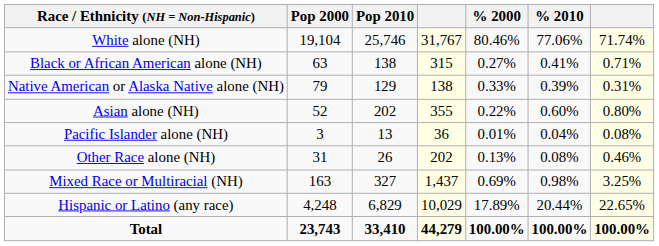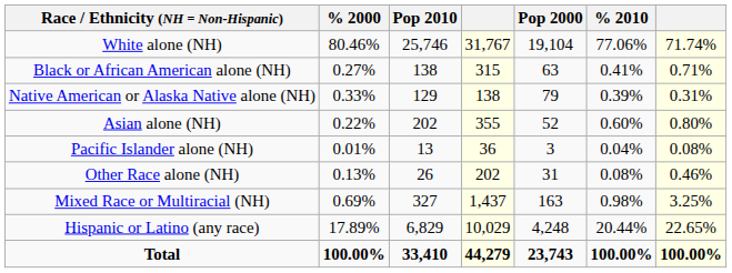 <table class="wikitable" style="text-align:center;">
 <tr>
 <th>Race / Ethnicity <small>(<em>NH = Non-Hispanic</em>)</small></th>
-<th>Pop 2000</th>
+<th>% 2000</th>
 <th>Pop 2010</th>
 <th></th>
-<th>% 2000</th>
+<th>Pop 2000</th>
 <th>% 2010</th>
 <th></th>
 </tr>
 <tr>
 <td><a href='#'>White</a> alone (NH)</td>
-<td>19,104</td>
+<td>80.46%</td>
 <td>25,746</td>
 <td style='background: #ffffe6;'>31,767</td>
-<td>80.46%</td>
+<td>19,104</td>
 <td>77.06%</td>
 <td style='background: #ffffe6;'>71.74%</td>
 </tr>
 <tr>
 <td><a href='#'>Black or African American</a> alone (NH)</td>
-<td>63</td>
+<td>0.27%</td>
 <td>138</td>
 <td style='background: #ffffe6;'>315</td>
-<td>0.27%</td>
+<td>63</td>
 <td>0.41%</td>
 <td style='background: #ffffe6;'>0.71%</td>
 </tr>
 <tr>
 <td><a href='#'>Native American</a> or <a href='#'>Alaska Native</a> alone (NH)</td>
-<td>79</td>
+<td>0.33%</td>
 <td>129</td>
 <td style='background: #ffffe6;'>138</td>
-<td>0.33%</td>
+<td>79</td>
 <td>0.39%</td>
 <td style='background: #ffffe6;'>0.31%</td>
 </tr>
 <tr>
 <td><a href='#'>Asian</a> alone (NH)</td>
-<td>52</td>
+<td>0.22%</td>
 <td>202</td>
 <td style='background: #ffffe6;'>355</td>
-<td>0.22%</td>
+<td>52</td>
 <td>0.60%</td>
 <td style='background: #ffffe6;'>0.80%</td>
 </tr>
 <tr>
 <td><a href='#'>Pacific Islander</a> alone (NH)</td>
-<td>3</td>
+<td>0.01%</td>
 <td>13</td>
 <td style='background: #ffffe6;'>36</td>
-<td>0.01%</td>
+<td>3</td>
 <td>0.04%</td>
 <td style='background: #ffffe6;'>0.08%</td>
 </tr>
 <tr>
 <td><a href='#'>Other Race</a> alone (NH)</td>
-<td>31</td>
+<td>0.13%</td>
 <td>26</td>
 <td style='background: #ffffe6;'>202</td>
-<td>0.13%</td>
+<td>31</td>
 <td>0.08%</td>
 <td style='background: #ffffe6;'>0.46%</td>
 </tr>
 <tr>
 <td><a href='#'>Mixed Race or Multiracial</a> (NH)</td>
-<td>163</td>
+<td>0.69%</td>
 <td>327</td>
 <td style='background: #ffffe6;'>1,437</td>
-<td>0.69%</td>
+<td>163</td>
 <td>0.98%</td>
 <td style='background: #ffffe6;'>3.25%</td>
 </tr>
 <tr>
 <td><a href='#'>Hispanic or Latino</a> (any race)</td>
-<td>4,248</td>
+<td>17.89%</td>
 <td>6,829</td>
 <td style='background: #ffffe6;'>10,029</td>
-<td>17.89%</td>
+<td>4,248</td>
 <td>20.44%</td>
 <td style='background: #ffffe6;'>22.65%</td>
 </tr>
 <tr>
 <td><strong>Total</strong></td>
-<td><strong>23,743</strong></td>
+<td><strong>100.00%</strong></td>
 <td><strong>33,410</strong></td>
 <td style='background: #ffffe6;'><strong>44,279</strong></td>
-<td><strong>100.00%</strong></td>
+<td><strong>23,743</strong></td>
 <td><strong>100.00%</strong></td>
 <td style='background: #ffffe6;'><strong>100.00%</strong></td>
 </tr>
 </table>
